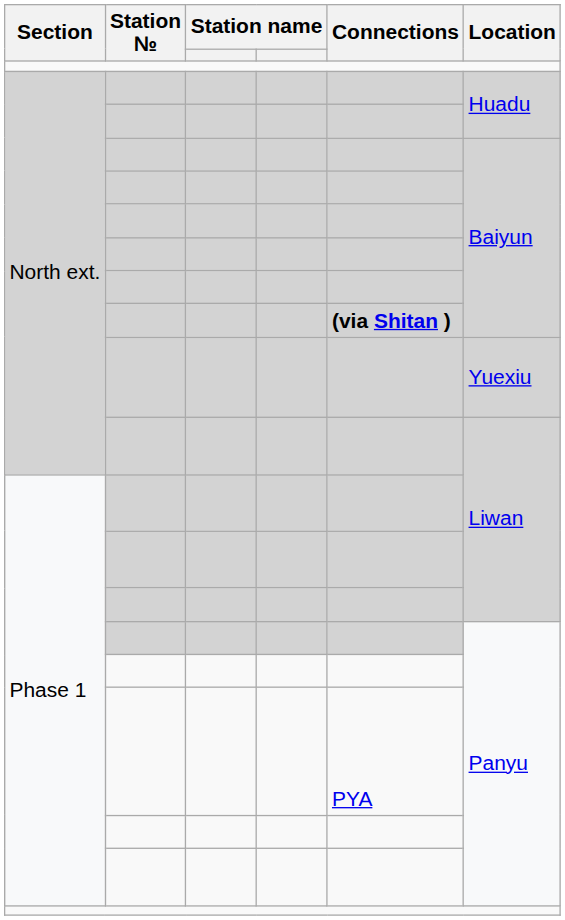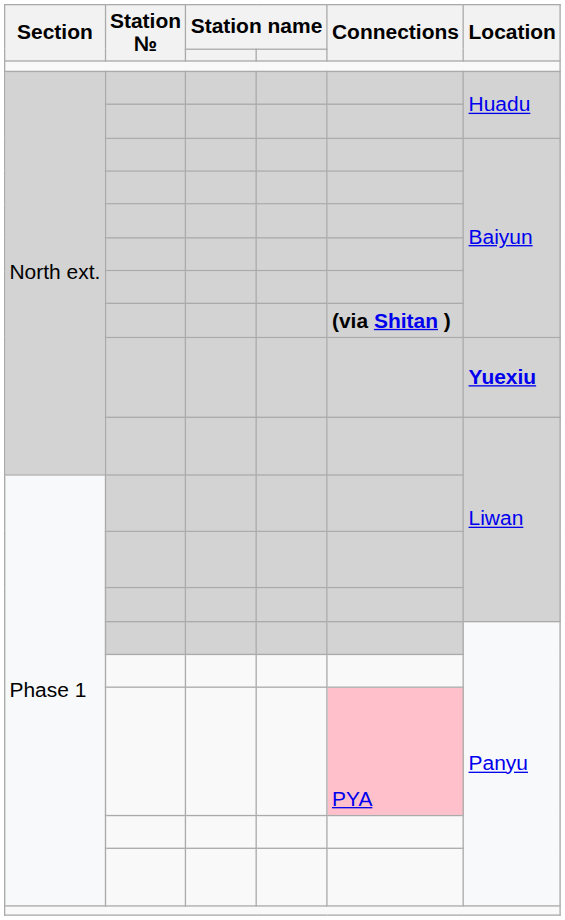 <table class="wikitable">
 <tr>
 <th rowspan="2">Section</th>
 <th rowspan="2">Station<br>№</th>
 <th colspan="2">Station name</th>
 <th rowspan="2">Connections<br></th>
 <th rowspan="2">Location</th>
 </tr>
 <tr>
 <th></th>
 <th></th>
 </tr>
 <tr style="background:#">
 <td colspan="10"></td>
 </tr>
 <tr bgcolor="lightgrey">
 <td rowspan="10">North ext.</td>
 <td align="center"><br></td>
 <td></td>
 <td></td>
 <td> <br> </td>
 <td rowspan="2"><a href='#'>Huadu</a></td>
 </tr>
 <tr bgcolor="lightgrey">
 <td align="center"><br></td>
 <td></td>
 <td></td>
 <td> <br> </td>
 </tr>
 <tr bgcolor="lightgrey">
 <td align="center"><br></td>
 <td></td>
 <td></td>
 <td><br> </td>
 <td rowspan="6"><a href='#'>Baiyun</a></td>
 </tr>
 <tr bgcolor="lightgrey">
 <td align="center"><br></td>
 <td></td>
 <td></td>
 <td> <br> </td>
 </tr>
 <tr bgcolor="lightgrey">
 <td align="center"><br></td>
 <td></td>
 <td><br> </td>
 <td></td>
 </tr>
 <tr bgcolor="lightgrey">
 <td align="center"><br></td>
 <td></td>
 <td></td>
 <td><br> </td>
 </tr>
 <tr bgcolor="lightgrey">
 <td align="center"><br></td>
 <td></td>
 <td></td>
 <td><br> </td>
 </tr>
 <tr bgcolor="lightgrey">
 <td align="center"><br></td>
 <td></td>
 <td></td>
 <td><strong> (via <a href='#'>Shitan</a> )   <br> </strong></td>
 </tr>
 <tr bgcolor="lightgrey">
 <td align="center"><br></td>
 <td></td>
 <td></td>
 <td> <br> <br>   <br> </td>
-<td><a href='#'>Yuexiu</a></td>
+<td><strong><a href='#'>Yuexiu</a></strong></td>
 </tr>
 <tr bgcolor="lightgrey">
 <td align="center"><br></td>
 <td></td>
 <td></td>
 <td> <br>  <br> </td>
 <td rowspan=4><a href='#'>Liwan</a></td>
 </tr>
 <tr bgcolor="lightgrey">
 <td bgcolor="F8F9FA" rowspan="8">Phase 1</td>
 <td align="center"><br></td>
 <td></td>
 <td></td>
 <td> <br> <br> </td>
 </tr>
 <tr bgcolor="lightgrey">
 <td align="center"><br></td>
 <td></td>
 <td></td>
 <td> <br> <br> </td>
 </tr>
 <tr bgcolor="lightgrey">
 <td align="center"><br></td>
 <td></td>
 <td></td>
 <td><br> </td>
 </tr>
 <tr bgcolor="lightgrey">
 <td align="center"><br></td>
 <td></td>
 <td></td>
 <td><br> </td>
 <td bgcolor="F8F9FA" rowspan="5"><a href='#'>Panyu</a></td>
 </tr>
 <tr>
 <td align="center"><br></td>
 <td></td>
 <td><br> </td>
 </tr>
 <tr>
 <td align="center"><br></td>
 <td></td>
 <td></td>
-<td> <br> <br>  <br> <br> <a href='#'>PYA</a>  <br> </td>
+<td style="background: pink;"> <br> <br>  <br> <br> <a href='#'>PYA</a>  <br> </td>
 </tr>
 <tr>
 <td align="center"><br></td>
 <td></td>
 <td></td>
 <td><br> </td>
 </tr>
 <tr>
 <td align="center"><br></td>
 <td></td>
 <td></td>
 <td> <br> <br> </td>
 </tr>
 <tr style="background:#">
 <td colspan="10"></td>
 </tr>
 </table>
